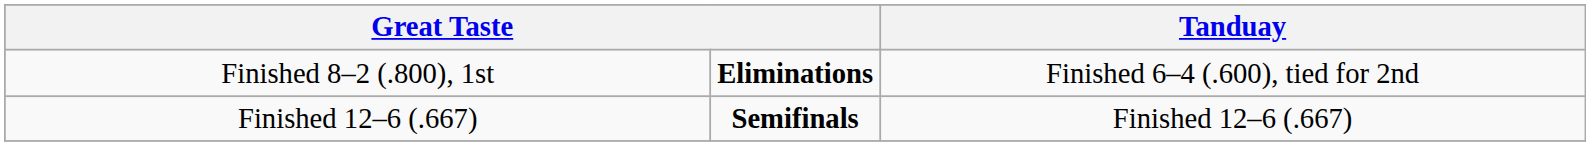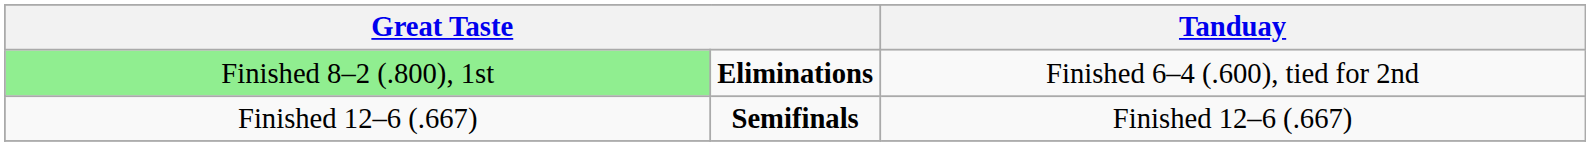 <table class="wikitable" style="width:100%;">
 <tr align=center>
 <th colspan="2" style="width:45%;"><a href='#'>Great Taste</a></th>
 <th colspan="2" style="width:45%;"><a href='#'>Tanduay</a></th>
 </tr>
 <tr align=center>
-<td>Finished 8–2 (.800), 1st</td>
+<td style="background: lightgreen;">Finished 8–2 (.800), 1st</td>
 <td colspan=2><strong>Eliminations</strong></td>
 <td>Finished 6–4 (.600), tied for 2nd</td>
 </tr>
 <tr align=center>
 <td rowspan="2" style="width:45%;">Finished 12–6 (.667)</td>
 <td colspan=2><strong>Semifinals</strong></td>
 <td>Finished 12–6 (.667)</td>
 </tr>
 </table>
